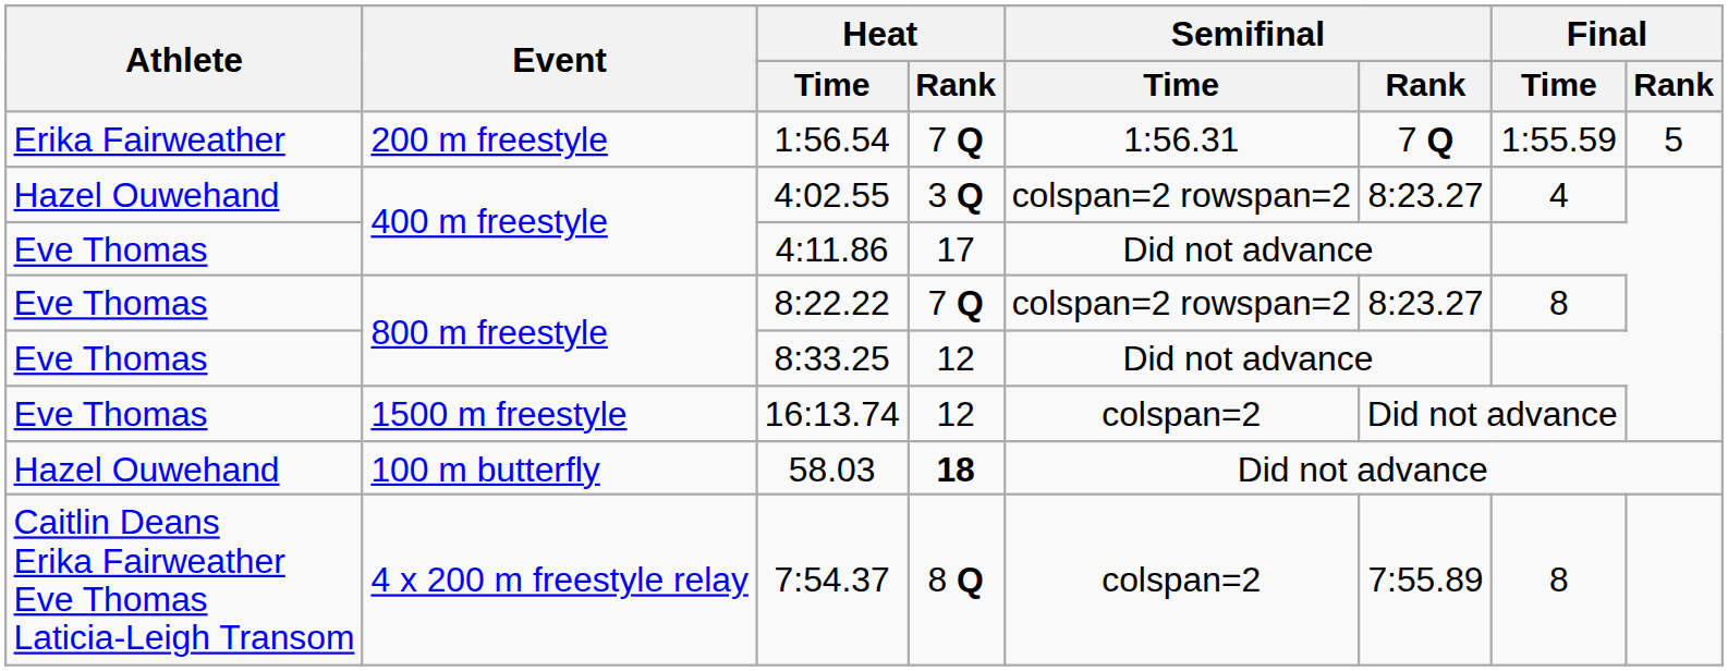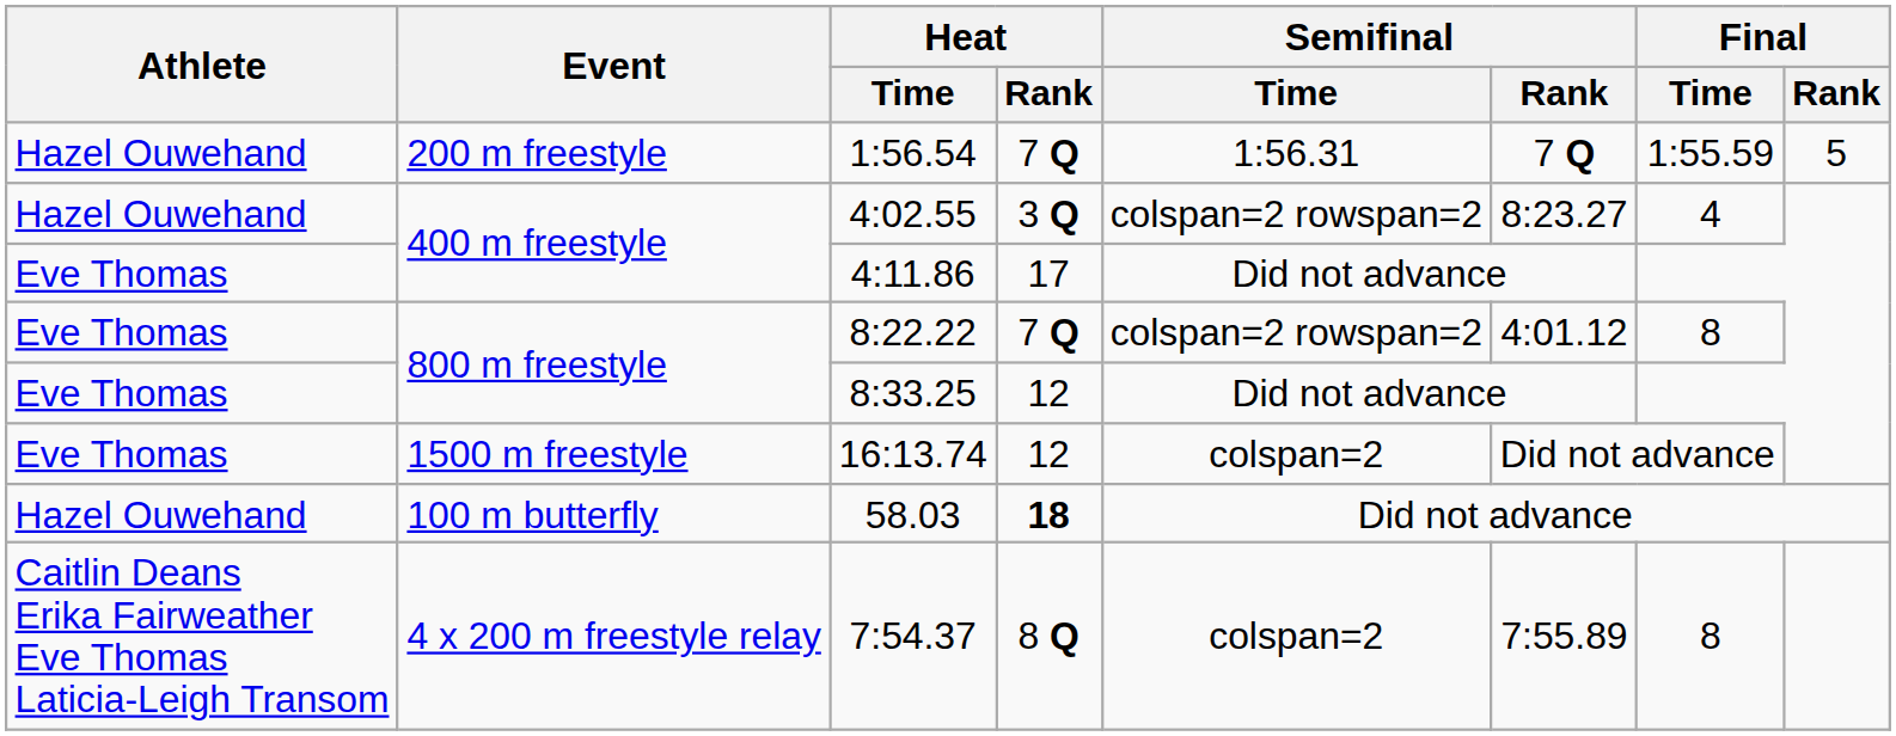 <table class=wikitable style="font-size:90%;text-align:center">
 <tr>
 <th rowspan=2>Athlete</th>
 <th rowspan=2>Event</th>
 <th colspan=2>Heat</th>
 <th colspan=2>Semifinal</th>
 <th colspan=2>Final</th>
 </tr>
 <tr style=font-size:95%>
 <th>Time</th>
 <th>Rank</th>
 <th>Time</th>
 <th>Rank</th>
 <th>Time</th>
 <th>Rank</th>
 </tr>
 <tr>
-<td align=left><a href='#'>Erika Fairweather</a></td>
+<td align=left><a href='#'>Hazel Ouwehand</a></td>
 <td align=left><a href='#'>200 m freestyle</a></td>
 <td>1:56.54</td>
 <td>7 <strong>Q</strong></td>
 <td>1:56.31</td>
 <td>7 <strong>Q</strong></td>
 <td>1:55.59</td>
 <td>5</td>
 </tr>
 <tr>
 <td align=left><a href='#'>Hazel Ouwehand</a></td>
 <td rowspan=2 align=left><a href='#'>400 m freestyle</a></td>
 <td>4:02.55</td>
 <td>3 <strong>Q</strong></td>
 <td>colspan=2 rowspan=2 </td>
 <td>8:23.27</td>
 <td>4</td>
 </tr>
 <tr>
 <td align=left><a href='#'>Eve Thomas</a></td>
 <td>4:11.86</td>
 <td>17</td>
 <td colspan=2>Did not advance</td>
 </tr>
 <tr>
 <td align=left><a href='#'>Eve Thomas</a></td>
 <td rowspan=2 align=left><a href='#'>800 m freestyle</a></td>
 <td>8:22.22</td>
 <td>7 <strong>Q</strong></td>
 <td>colspan=2 rowspan=2 </td>
-<td>8:23.27</td>
+<td>4:01.12</td>
 <td>8</td>
 </tr>
 <tr>
 <td align=left><a href='#'>Eve Thomas</a></td>
 <td>8:33.25</td>
 <td>12</td>
 <td colspan=2>Did not advance</td>
 </tr>
 <tr>
 <td align=left><a href='#'>Eve Thomas</a></td>
 <td align=left><a href='#'>1500 m freestyle</a></td>
 <td>16:13.74</td>
 <td>12</td>
 <td>colspan=2 </td>
 <td colspan=2>Did not advance</td>
 </tr>
 <tr>
 <td align=left><a href='#'>Hazel Ouwehand</a></td>
 <td align=left><a href='#'>100 m butterfly</a></td>
 <td>58.03</td>
 <td><strong>18</strong></td>
 <td colspan=4>Did not advance</td>
 </tr>
 <tr>
 <td align=left><a href='#'>Caitlin Deans</a><br><a href='#'>Erika Fairweather</a><br><a href='#'>Eve Thomas</a><br><a href='#'>Laticia-Leigh Transom</a></td>
 <td align=left><a href='#'>4 x 200 m freestyle relay</a></td>
 <td>7:54.37</td>
 <td>8 <strong>Q</strong></td>
 <td>colspan=2 </td>
 <td>7:55.89</td>
 <td>8</td>
 </tr>
 </table>
